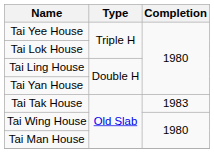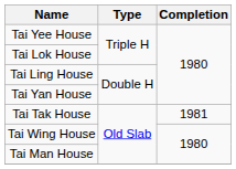 <table class="wikitable" style="text-align: center">
 <tr>
 <th>Name</th>
 <th>Type</th>
 <th>Completion</th>
 </tr>
 <tr>
 <td>Tai Yee House</td>
 <td rowspan="2">Triple H</td>
 <td rowspan="4">1980</td>
 </tr>
 <tr>
 <td>Tai Lok House</td>
 </tr>
 <tr>
 <td>Tai Ling House</td>
 <td rowspan="2">Double H</td>
 </tr>
 <tr>
 <td>Tai Yan House</td>
 </tr>
 <tr>
 <td>Tai Tak House</td>
 <td rowspan="3"><a href='#'>Old Slab</a></td>
-<td>1983</td>
+<td>1981</td>
 </tr>
 <tr>
 <td>Tai Wing House</td>
 <td rowspan="2">1980</td>
 </tr>
 <tr>
 <td>Tai Man House</td>
 </tr>
 <tr>
 </tr>
 </table>
